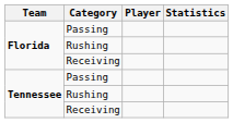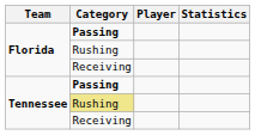 <table class="wikitable" style="float: right;">
 <tr>
 <th>Team</th>
 <th>Category</th>
 <th>Player</th>
 <th>Statistics</th>
 </tr>
 <tr>
 <td rowspan=3><strong>Florida</strong></td>
-<td>Passing</td>
+<td><strong>Passing</strong></td>
 <td></td>
 <td></td>
 </tr>
 <tr>
 <td>Rushing</td>
 <td></td>
 <td></td>
 </tr>
 <tr>
 <td>Receiving</td>
 <td></td>
 <td></td>
 </tr>
 <tr>
 <td rowspan=3><strong>Tennessee</strong></td>
-<td>Passing</td>
+<td><strong>Passing</strong></td>
 <td></td>
 <td></td>
 </tr>
 <tr>
-<td>Rushing</td>
+<td style="background: khaki;">Rushing</td>
 <td></td>
 <td></td>
 </tr>
 <tr>
 <td>Receiving</td>
 <td></td>
 <td></td>
 </tr>
 </table>
